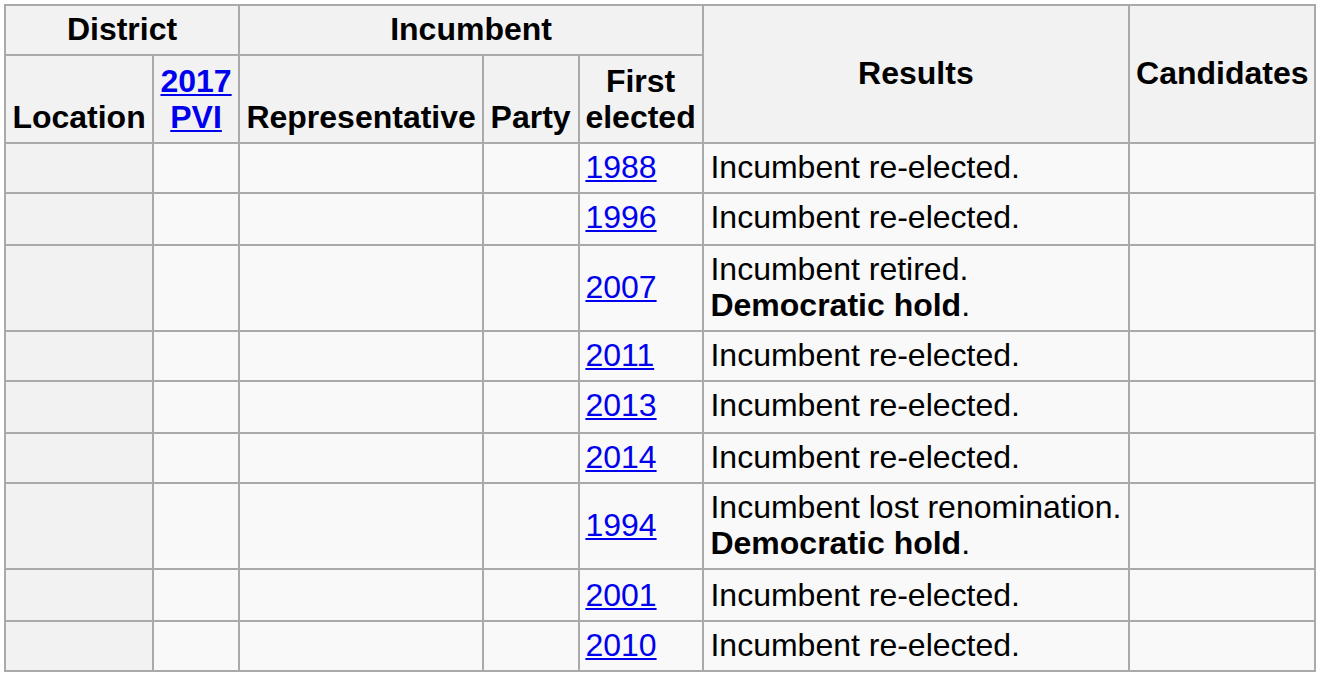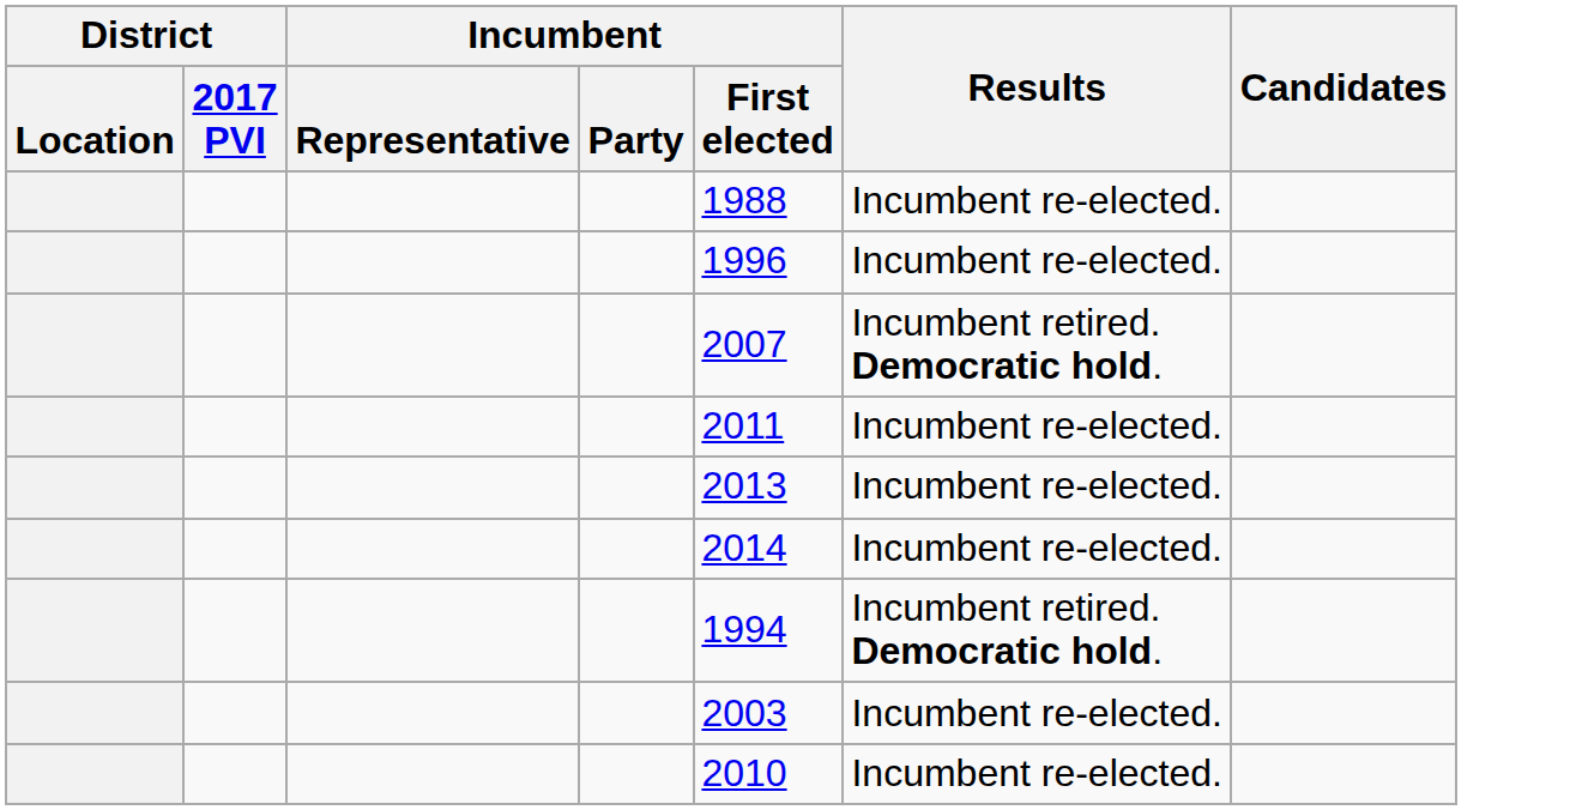 <table class="wikitable sortable">
 <tr>
 <th colspan=2>District</th>
 <th colspan=3>Incumbent</th>
 <th rowspan=2>Results</th>
 <th rowspan=2>Candidates</th>
 </tr>
 <tr valign=bottom>
 <th>Location</th>
 <th><a href='#'>2017<br>PVI</a></th>
 <th>Representative</th>
 <th>Party</th>
 <th>First<br>elected</th>
 </tr>
 <tr>
 <th></th>
 <td></td>
 <td></td>
 <td></td>
 <td><a href='#'>1988</a></td>
 <td>Incumbent re-elected.</td>
 <td nowrap></td>
 </tr>
 <tr>
 <th></th>
 <td></td>
 <td></td>
 <td></td>
 <td><a href='#'>1996</a></td>
 <td>Incumbent re-elected.</td>
 <td nowrap></td>
 </tr>
 <tr>
 <th></th>
 <td></td>
 <td></td>
 <td></td>
 <td><a href='#'>2007 </a></td>
 <td>Incumbent retired.<br><strong>Democratic hold</strong>.</td>
 <td nowrap></td>
 </tr>
 <tr>
 <th></th>
 <td></td>
 <td></td>
 <td></td>
 <td><a href='#'>2011</a></td>
 <td>Incumbent re-elected.</td>
 <td nowrap></td>
 </tr>
 <tr>
 <th></th>
 <td></td>
 <td></td>
 <td></td>
 <td><a href='#'>2013 </a></td>
 <td>Incumbent re-elected.</td>
 <td nowrap></td>
 </tr>
 <tr>
 <th></th>
 <td></td>
 <td></td>
 <td></td>
 <td><a href='#'>2014</a></td>
 <td>Incumbent re-elected.</td>
 <td nowrap></td>
 </tr>
 <tr>
 <th></th>
 <td></td>
 <td></td>
 <td></td>
 <td><a href='#'>1994</a></td>
-<td>Incumbent lost renomination.<br><strong>Democratic hold</strong>.</td>
+<td>Incumbent retired.<br><strong>Democratic hold</strong>.</td>
 <td nowrap></td>
 </tr>
 <tr>
 <th></th>
 <td></td>
 <td></td>
 <td></td>
-<td><a href='#'>2001 </a></td>
+<td><a href='#'>2003 </a></td>
 <td>Incumbent re-elected.</td>
 <td nowrap></td>
 </tr>
 <tr>
 <th></th>
 <td></td>
 <td></td>
 <td></td>
 <td><a href='#'>2010</a></td>
 <td>Incumbent re-elected.</td>
 <td nowrap></td>
 </tr>
 </table>
